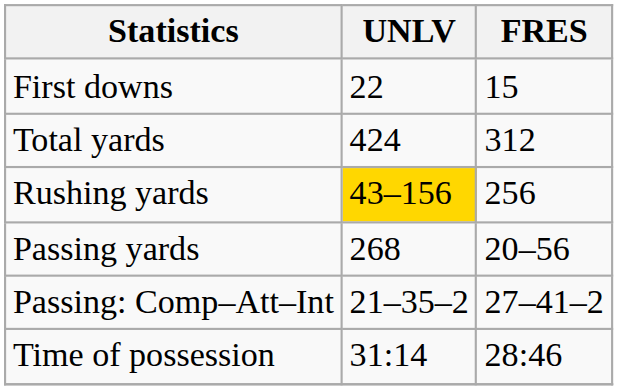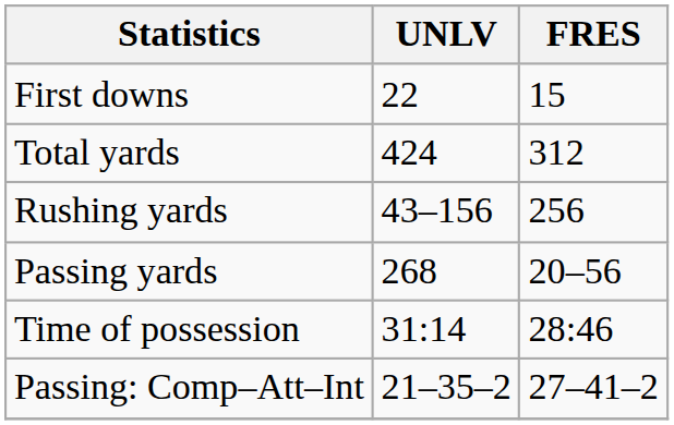 <table class="wikitable" style="float: left;">
 <tr>
 <th>Statistics</th>
 <th>UNLV</th>
 <th>FRES</th>
 </tr>
 <tr>
 <td>First downs</td>
 <td>22</td>
 <td>15</td>
 </tr>
 <tr>
 <td>Total yards</td>
 <td>424</td>
 <td>312</td>
 </tr>
 <tr>
 <td>Rushing yards</td>
-<td style="background: gold;">43–156</td>
+<td>43–156</td>
 <td>256</td>
 </tr>
 <tr>
 <td>Passing yards</td>
 <td>268</td>
 <td>20–56</td>
 </tr>
 <tr>
+<td>Time of possession</td>
+<td>31:14</td>
+<td>28:46</td>
+</tr>
+<tr>
 <td>Passing: Comp–Att–Int</td>
 <td>21–35–2</td>
 <td>27–41–2</td>
 </tr>
 <tr>
-<td>Time of possession</td>
-<td>31:14</td>
-<td>28:46</td>
-</tr>
-<tr>
 </tr>
 </table>
